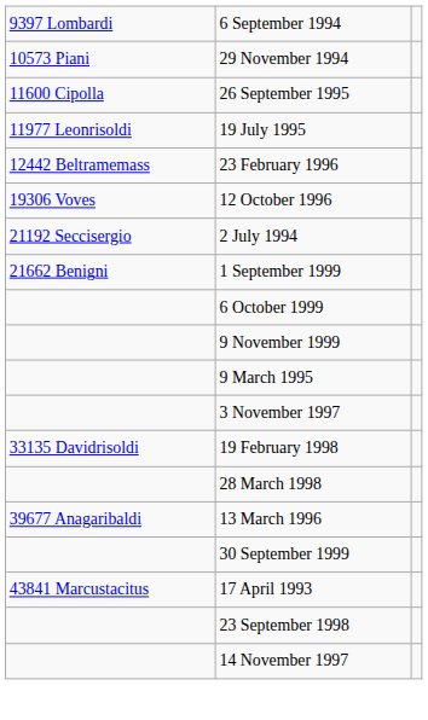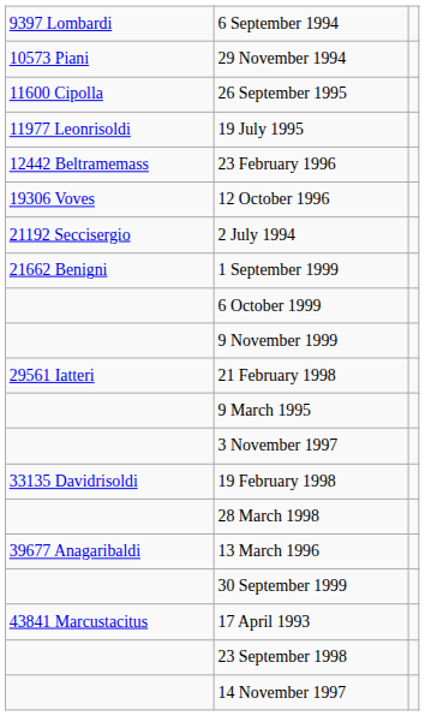 <table class="wikitable" style="font-size: 89%; float: left; width: 25em; margin-right: 1em; line-height: 1.65em !important; height: 540px;">
 <tr>
 <td><a href='#'>9397 Lombardi</a></td>
 <td>6 September 1994</td>
 <td></td>
 </tr>
 <tr>
 <td><a href='#'>10573 Piani</a></td>
 <td>29 November 1994</td>
 <td></td>
 </tr>
 <tr>
 <td><a href='#'>11600 Cipolla</a></td>
 <td>26 September 1995</td>
 <td></td>
 </tr>
 <tr>
 <td><a href='#'>11977 Leonrisoldi</a></td>
 <td>19 July 1995</td>
 <td></td>
 </tr>
 <tr>
 <td><a href='#'>12442 Beltramemass</a></td>
 <td>23 February 1996</td>
 <td></td>
 </tr>
 <tr>
 <td><a href='#'>19306 Voves</a></td>
 <td>12 October 1996</td>
 <td></td>
 </tr>
 <tr>
 <td><a href='#'>21192 Seccisergio</a></td>
 <td>2 July 1994</td>
 <td></td>
 </tr>
 <tr>
 <td><a href='#'>21662 Benigni</a></td>
 <td>1 September 1999</td>
 <td></td>
 </tr>
 <tr>
 <td></td>
 <td>6 October 1999</td>
 <td></td>
 </tr>
 <tr>
 <td></td>
 <td>9 November 1999</td>
 <td></td>
 </tr>
 <tr>
+<td><a href='#'>29561 Iatteri</a></td>
+<td>21 February 1998</td>
+<td></td>
+</tr>
+<tr>
 <td></td>
 <td>9 March 1995</td>
 <td></td>
 </tr>
 <tr>
 <td></td>
 <td>3 November 1997</td>
 <td></td>
 </tr>
 <tr>
 <td><a href='#'>33135 Davidrisoldi</a></td>
 <td>19 February 1998</td>
 <td></td>
 </tr>
 <tr>
 <td></td>
 <td>28 March 1998</td>
 <td></td>
 </tr>
 <tr>
 <td><a href='#'>39677 Anagaribaldi</a></td>
 <td>13 March 1996</td>
 <td></td>
 </tr>
 <tr>
 <td></td>
 <td>30 September 1999</td>
 <td></td>
 </tr>
 <tr>
 <td><a href='#'>43841 Marcustacitus</a></td>
 <td>17 April 1993</td>
 <td></td>
 </tr>
 <tr>
 <td></td>
 <td>23 September 1998</td>
 <td></td>
 </tr>
 <tr>
 <td></td>
 <td>14 November 1997</td>
 <td></td>
 </tr>
 </table>
